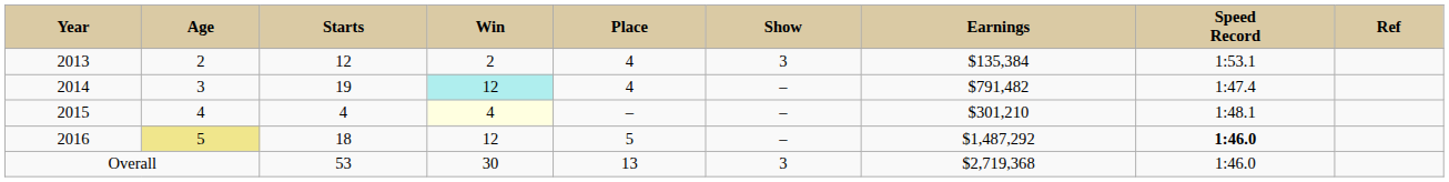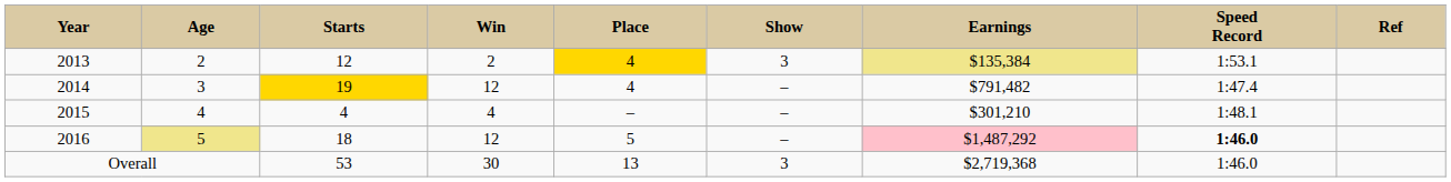 <table class = "wikitable sortable" style="text-align:center; width:90%">
 <tr>
 <th scope="col" style="background:#dacaa4;">Year</th>
 <th scope="col" style="background:#dacaa4">Age</th>
 <th scope="col" style="background:#dacaa4;">Starts</th>
 <th scope="col" style="background:#dacaa4;">Win</th>
 <th scope="col" style="background:#dacaa4;">Place</th>
 <th scope="col" style="background:#dacaa4;">Show</th>
 <th scope="col" style="background:#dacaa4;">Earnings</th>
 <th scope="col" style="background:#dacaa4;">Speed <br>Record</th>
 <th scope="col" style="background:#dacaa4;">Ref</th>
 </tr>
 <tr>
 <td>2013</td>
 <td>2</td>
 <td>12</td>
 <td>2</td>
-<td>4</td>
+<td style="background: gold;">4</td>
 <td>3</td>
-<td>$135,384</td>
+<td style="background: khaki;">$135,384</td>
 <td>1:53.1</td>
 <td></td>
 </tr>
 <tr>
 <td>2014</td>
 <td>3</td>
-<td>19</td>
-<td style="background: paleturquoise;">12</td>
+<td style="background: gold;">19</td>
+<td>12</td>
 <td>4</td>
 <td>–</td>
 <td>$791,482</td>
 <td>1:47.4</td>
 <td></td>
 </tr>
 <tr>
 <td>2015</td>
 <td>4</td>
 <td>4</td>
-<td style="background: lightyellow;">4</td>
+<td>4</td>
 <td>–</td>
 <td>–</td>
 <td>$301,210</td>
 <td>1:48.1</td>
 <td></td>
 </tr>
 <tr>
 <td>2016</td>
 <td style="background: khaki;">5</td>
 <td>18</td>
 <td>12</td>
 <td>5</td>
 <td>–</td>
-<td>$1,487,292</td>
+<td style="background: pink;">$1,487,292</td>
 <td><strong>1:46.0</strong></td>
 <td></td>
 </tr>
 <tr>
 <td colspan=2>Overall</td>
 <td>53</td>
 <td>30</td>
 <td>13</td>
 <td>3</td>
 <td>$2,719,368</td>
 <td>1:46.0</td>
 <td></td>
 </tr>
 </table>
